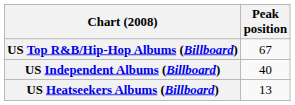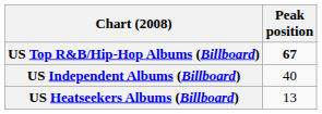 <table class="wikitable sortable plainrowheaders" style="text-align:center">
 <tr>
 <th scope="col">Chart (2008)</th>
 <th scope="col">Peak<br>position</th>
 </tr>
 <tr>
 <th scope="row">US <a href='#'>Top R&B/Hip-Hop Albums</a> (<em><a href='#'>Billboard</a></em>)</th>
-<td>67</td>
+<td><strong>67</strong></td>
 </tr>
 <tr>
 <th scope="row">US <a href='#'>Independent Albums</a> (<em><a href='#'>Billboard</a></em>)</th>
 <td>40</td>
 </tr>
 <tr>
 <th scope="row">US <a href='#'>Heatseekers Albums</a> (<em><a href='#'>Billboard</a></em>)</th>
 <td>13</td>
 </tr>
 </table>
